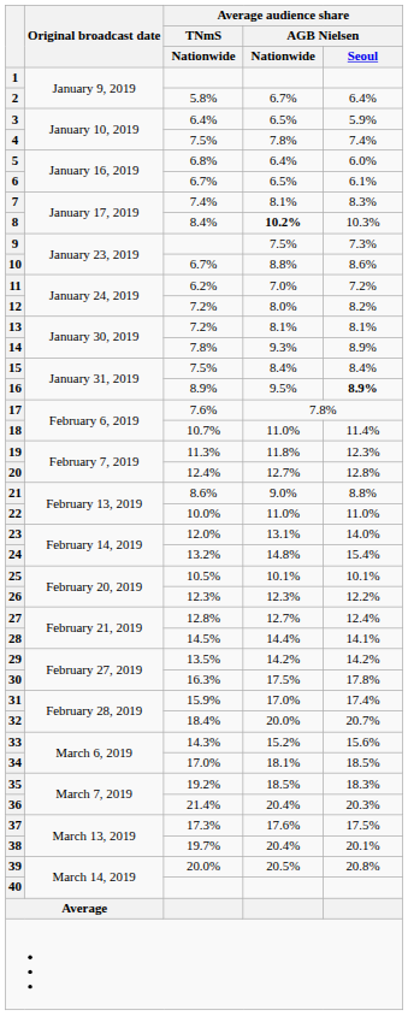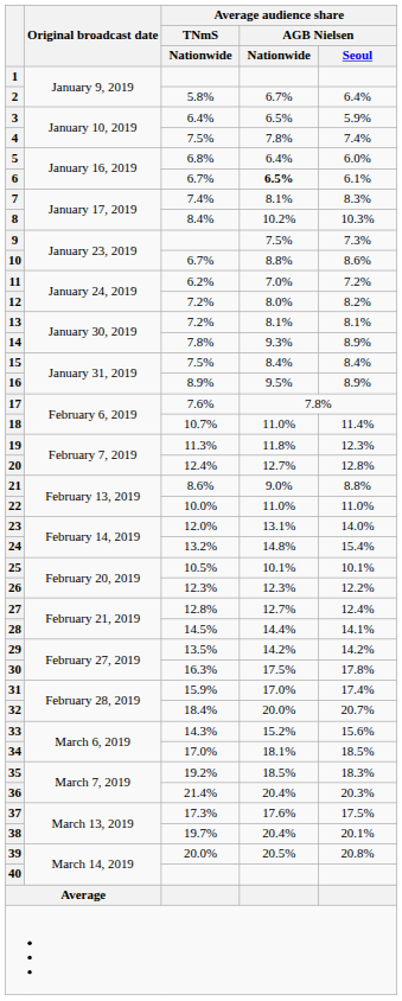 <table class="wikitable" style="text-align:center; margin-left: auto; margin-right: auto; border: none;">
 <tr>
 </tr>
 <tr>
 <th rowspan="3"></th>
 <th rowspan="3">Original broadcast date</th>
 <th colspan="3">Average audience share</th>
 </tr>
 <tr>
 <th colspan="1">TNmS</th>
 <th colspan="2">AGB Nielsen</th>
 </tr>
 <tr>
 <th width="90">Nationwide</th>
 <th width="90">Nationwide</th>
 <th width="90"><a href='#'>Seoul</a></th>
 </tr>
 <tr>
 <th>1</th>
 <td rowspan="2">January 9, 2019</td>
 <td></td>
 <td> </td>
 <td> </td>
 </tr>
 <tr>
 <th>2</th>
 <td>5.8%</td>
 <td>6.7% </td>
 <td>6.4% </td>
 </tr>
 <tr>
 <th>3</th>
 <td rowspan="2">January 10, 2019</td>
 <td>6.4%</td>
 <td>6.5% </td>
 <td>5.9% </td>
 </tr>
 <tr>
 <th>4</th>
 <td>7.5%</td>
 <td>7.8% </td>
 <td>7.4% </td>
 </tr>
 <tr>
 <th>5</th>
 <td rowspan="2">January 16, 2019</td>
 <td>6.8%</td>
 <td>6.4% </td>
 <td>6.0% </td>
 </tr>
 <tr>
 <th>6</th>
 <td>6.7%</td>
-<td>6.5% </td>
+<td><strong>6.5% </strong></td>
 <td>6.1% </td>
 </tr>
 <tr>
 <th>7</th>
 <td rowspan="2">January 17, 2019</td>
 <td>7.4%</td>
 <td>8.1% </td>
 <td>8.3% </td>
 </tr>
 <tr>
 <th>8</th>
 <td>8.4%</td>
-<td><strong>10.2% </strong></td>
+<td>10.2% </td>
 <td>10.3% </td>
 </tr>
 <tr>
 <th>9</th>
 <td rowspan="2">January 23, 2019</td>
 <td></td>
 <td>7.5% </td>
 <td>7.3% </td>
 </tr>
 <tr>
 <th>10</th>
 <td>6.7%</td>
 <td>8.8% </td>
 <td>8.6% </td>
 </tr>
 <tr>
 <th>11</th>
 <td rowspan="2">January 24, 2019</td>
 <td>6.2%</td>
 <td>7.0% </td>
 <td>7.2% </td>
 </tr>
 <tr>
 <th>12</th>
 <td>7.2%</td>
 <td>8.0% </td>
 <td>8.2% </td>
 </tr>
 <tr>
 <th>13</th>
 <td rowspan="2">January 30, 2019</td>
 <td>7.2%</td>
 <td>8.1% </td>
 <td>8.1% </td>
 </tr>
 <tr>
 <th>14</th>
 <td>7.8%</td>
 <td>9.3% </td>
 <td>8.9% </td>
 </tr>
 <tr>
 <th>15</th>
 <td rowspan="2">January 31, 2019</td>
 <td>7.5%</td>
 <td>8.4% </td>
 <td>8.4% </td>
 </tr>
 <tr>
 <th>16</th>
 <td>8.9%</td>
 <td>9.5% </td>
-<td><strong>8.9% </strong></td>
+<td>8.9% </td>
 </tr>
 <tr>
 <th>17</th>
 <td rowspan="2">February 6, 2019</td>
 <td>7.6%</td>
 <td colspan="2">7.8% </td>
 </tr>
 <tr>
 <th>18</th>
 <td>10.7%</td>
 <td>11.0% </td>
 <td>11.4% </td>
 </tr>
 <tr>
 <th>19</th>
 <td rowspan="2">February 7, 2019</td>
 <td>11.3%</td>
 <td>11.8% </td>
 <td>12.3% </td>
 </tr>
 <tr>
 <th>20</th>
 <td>12.4%</td>
 <td>12.7% </td>
 <td>12.8% </td>
 </tr>
 <tr>
 <th>21</th>
 <td rowspan="2">February 13, 2019</td>
 <td>8.6%</td>
 <td>9.0% </td>
 <td>8.8% </td>
 </tr>
 <tr>
 <th>22</th>
 <td>10.0%</td>
 <td>11.0% </td>
 <td>11.0% </td>
 </tr>
 <tr>
 <th>23</th>
 <td rowspan="2">February 14, 2019</td>
 <td>12.0%</td>
 <td>13.1% </td>
 <td>14.0% </td>
 </tr>
 <tr>
 <th>24</th>
 <td>13.2%</td>
 <td>14.8% </td>
 <td>15.4% </td>
 </tr>
 <tr>
 <th>25</th>
 <td rowspan="2">February 20, 2019</td>
 <td>10.5%</td>
 <td>10.1% </td>
 <td>10.1% </td>
 </tr>
 <tr>
 <th>26</th>
 <td>12.3%</td>
 <td>12.3% </td>
 <td>12.2% </td>
 </tr>
 <tr>
 <th>27</th>
 <td rowspan="2">February 21, 2019</td>
 <td>12.8%</td>
 <td>12.7% </td>
 <td>12.4% </td>
 </tr>
 <tr>
 <th>28</th>
 <td>14.5%</td>
 <td>14.4% </td>
 <td>14.1% </td>
 </tr>
 <tr>
 <th>29</th>
 <td rowspan="2">February 27, 2019</td>
 <td>13.5%</td>
 <td>14.2% </td>
 <td>14.2% </td>
 </tr>
 <tr>
 <th>30</th>
 <td>16.3%</td>
 <td>17.5% </td>
 <td>17.8% </td>
 </tr>
 <tr>
 <th>31</th>
 <td rowspan="2">February 28, 2019</td>
 <td>15.9%</td>
 <td>17.0% </td>
 <td>17.4% </td>
 </tr>
 <tr>
 <th>32</th>
 <td>18.4%</td>
 <td>20.0% </td>
 <td>20.7% </td>
 </tr>
 <tr>
 <th>33</th>
 <td rowspan="2">March 6, 2019</td>
 <td>14.3%</td>
 <td>15.2% </td>
 <td>15.6% </td>
 </tr>
 <tr>
 <th>34</th>
 <td>17.0%</td>
 <td>18.1% </td>
 <td>18.5% </td>
 </tr>
 <tr>
 <th>35</th>
 <td rowspan="2">March 7, 2019</td>
 <td>19.2%</td>
 <td>18.5% </td>
 <td>18.3% </td>
 </tr>
 <tr>
 <th>36</th>
 <td>21.4%</td>
 <td>20.4% </td>
 <td>20.3% </td>
 </tr>
 <tr>
 <th>37</th>
 <td rowspan="2">March 13, 2019</td>
 <td>17.3%</td>
 <td>17.6% </td>
 <td>17.5% </td>
 </tr>
 <tr>
 <th>38</th>
 <td>19.7%</td>
 <td>20.4% </td>
 <td>20.1% </td>
 </tr>
 <tr>
 <th>39</th>
 <td rowspan="2">March 14, 2019</td>
 <td>20.0%</td>
 <td>20.5% </td>
 <td>20.8% </td>
 </tr>
 <tr>
 <th>40</th>
 <td></td>
 <td> </td>
 <td> </td>
 </tr>
 <tr>
 <th colspan="2">Average</th>
 <th></th>
 <th></th>
 <th></th>
 </tr>
 <tr>
 <td colspan="6"><br><ul><li></li><li></li><li></li></ul></td>
 </tr>
 </table>
